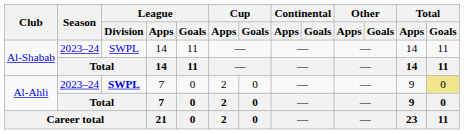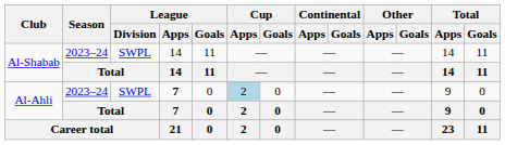 <table class="wikitable" style="text-align: center;">
 <tr>
 <th rowspan="2">Club</th>
 <th rowspan="2">Season</th>
 <th colspan="3">League</th>
 <th colspan="2">Cup</th>
 <th colspan="2">Continental</th>
 <th colspan="2">Other</th>
 <th colspan="2">Total</th>
 </tr>
 <tr>
 <th>Division</th>
 <th>Apps</th>
 <th>Goals</th>
 <th>Apps</th>
 <th>Goals</th>
 <th>Apps</th>
 <th>Goals</th>
 <th>Apps</th>
 <th>Goals</th>
 <th>Apps</th>
 <th>Goals</th>
 </tr>
 <tr>
 <td rowspan="2"><a href='#'>Al-Shabab</a></td>
 <td><a href='#'>2023–24</a></td>
 <td rowspan="1"><a href='#'>SWPL</a></td>
 <td>14</td>
 <td>11</td>
 <td colspan="2">—</td>
 <td colspan="2">—</td>
 <td colspan="2">—</td>
 <td>14</td>
 <td>11</td>
 </tr>
 <tr>
 <th colspan="2">Total</th>
 <th>14</th>
 <th>11</th>
 <th colspan="2">—</th>
 <th colspan="2">—</th>
 <th colspan="2">—</th>
 <th>14</th>
 <th>11</th>
 </tr>
 <tr>
 <td rowspan="2"><a href='#'>Al-Ahli</a></td>
 <td><a href='#'>2023–24</a></td>
-<td rowspan="1"><strong><a href='#'>SWPL</a></strong></td>
-<td>7</td>
+<td rowspan="1"><a href='#'>SWPL</a></td>
+<td><strong>7</strong></td>
 <td>0</td>
-<td>2</td>
+<td style="background: lightblue;">2</td>
 <td>0</td>
 <td colspan="2">—</td>
 <td colspan="2">—</td>
 <td>9</td>
-<td style="background: khaki;">0</td>
+<td>0</td>
 </tr>
 <tr>
 <th colspan="2">Total</th>
 <th>7</th>
 <th>0</th>
 <th>2</th>
 <th>0</th>
 <th colspan="2">—</th>
 <th colspan="2">—</th>
 <th>9</th>
 <th>0</th>
 </tr>
 <tr>
 <th colspan="3">Career total</th>
 <th>21</th>
 <th>0</th>
 <th>2</th>
 <th>0</th>
 <th colspan="2">—</th>
 <th colspan="2">—</th>
 <th>23</th>
 <th>11</th>
 </tr>
 </table>
